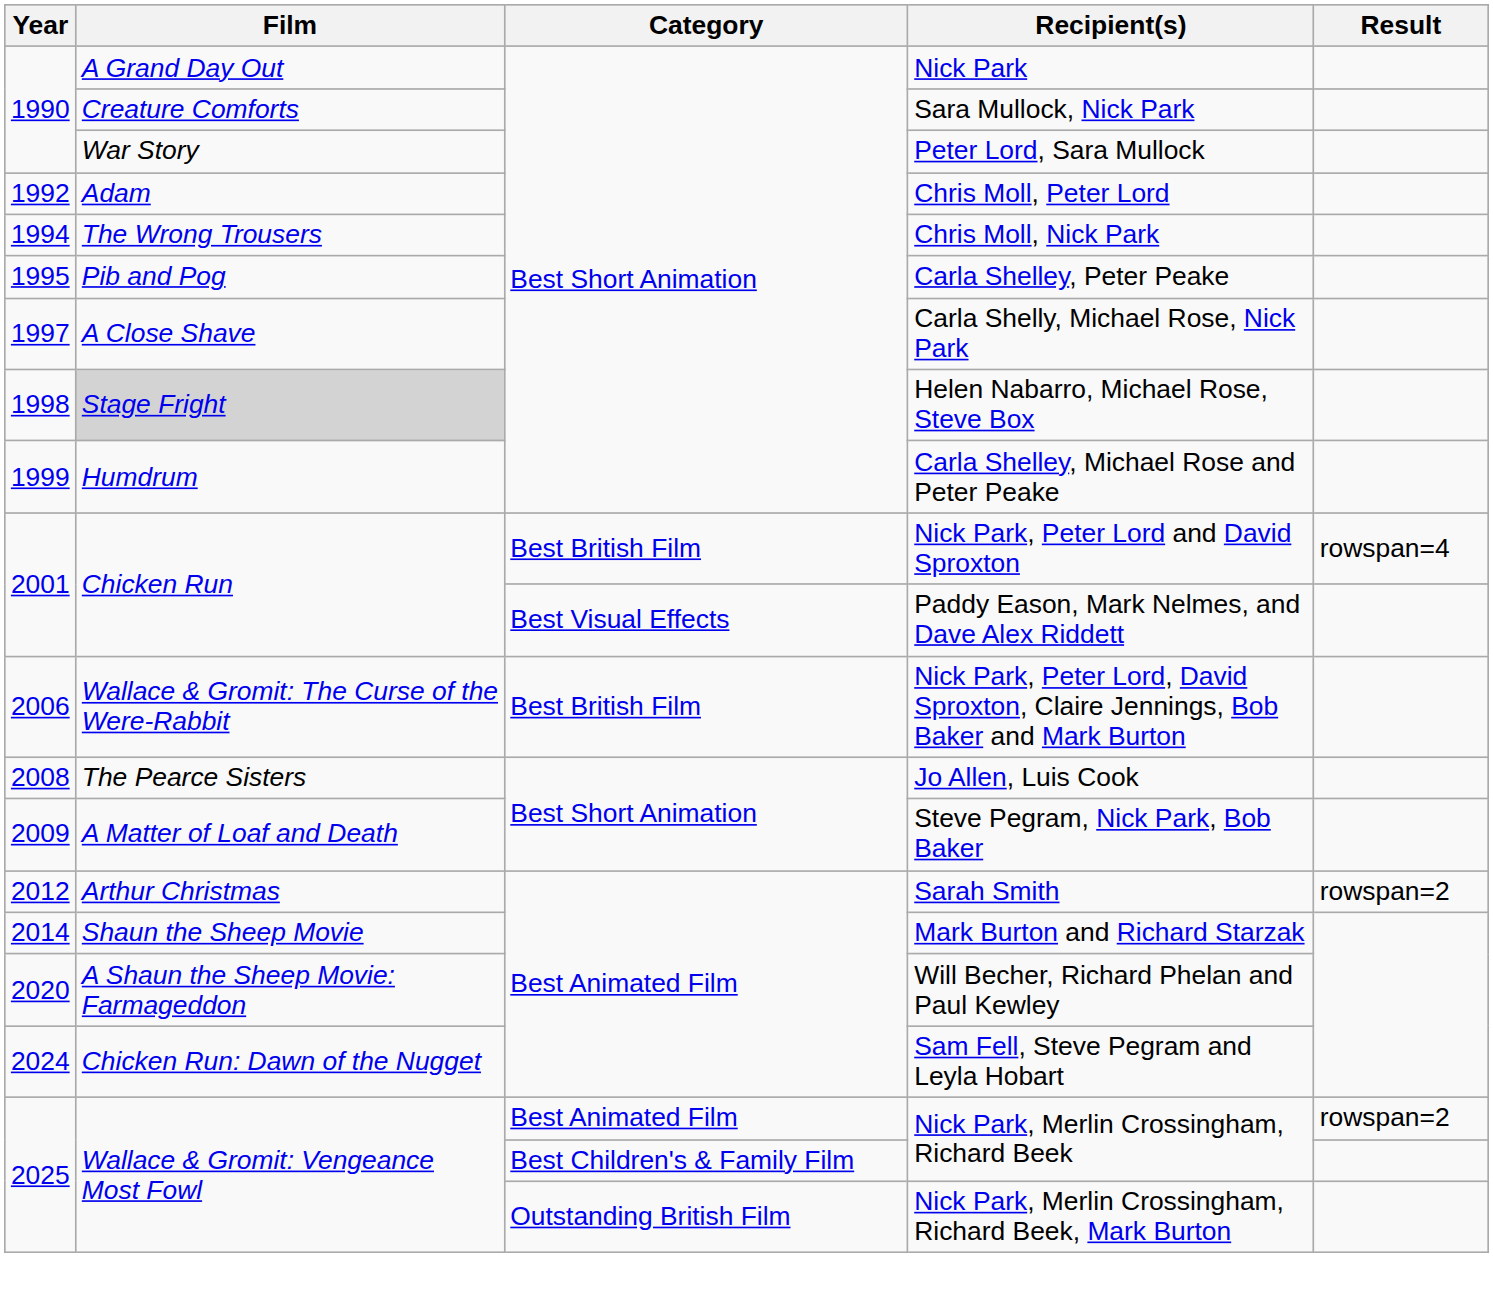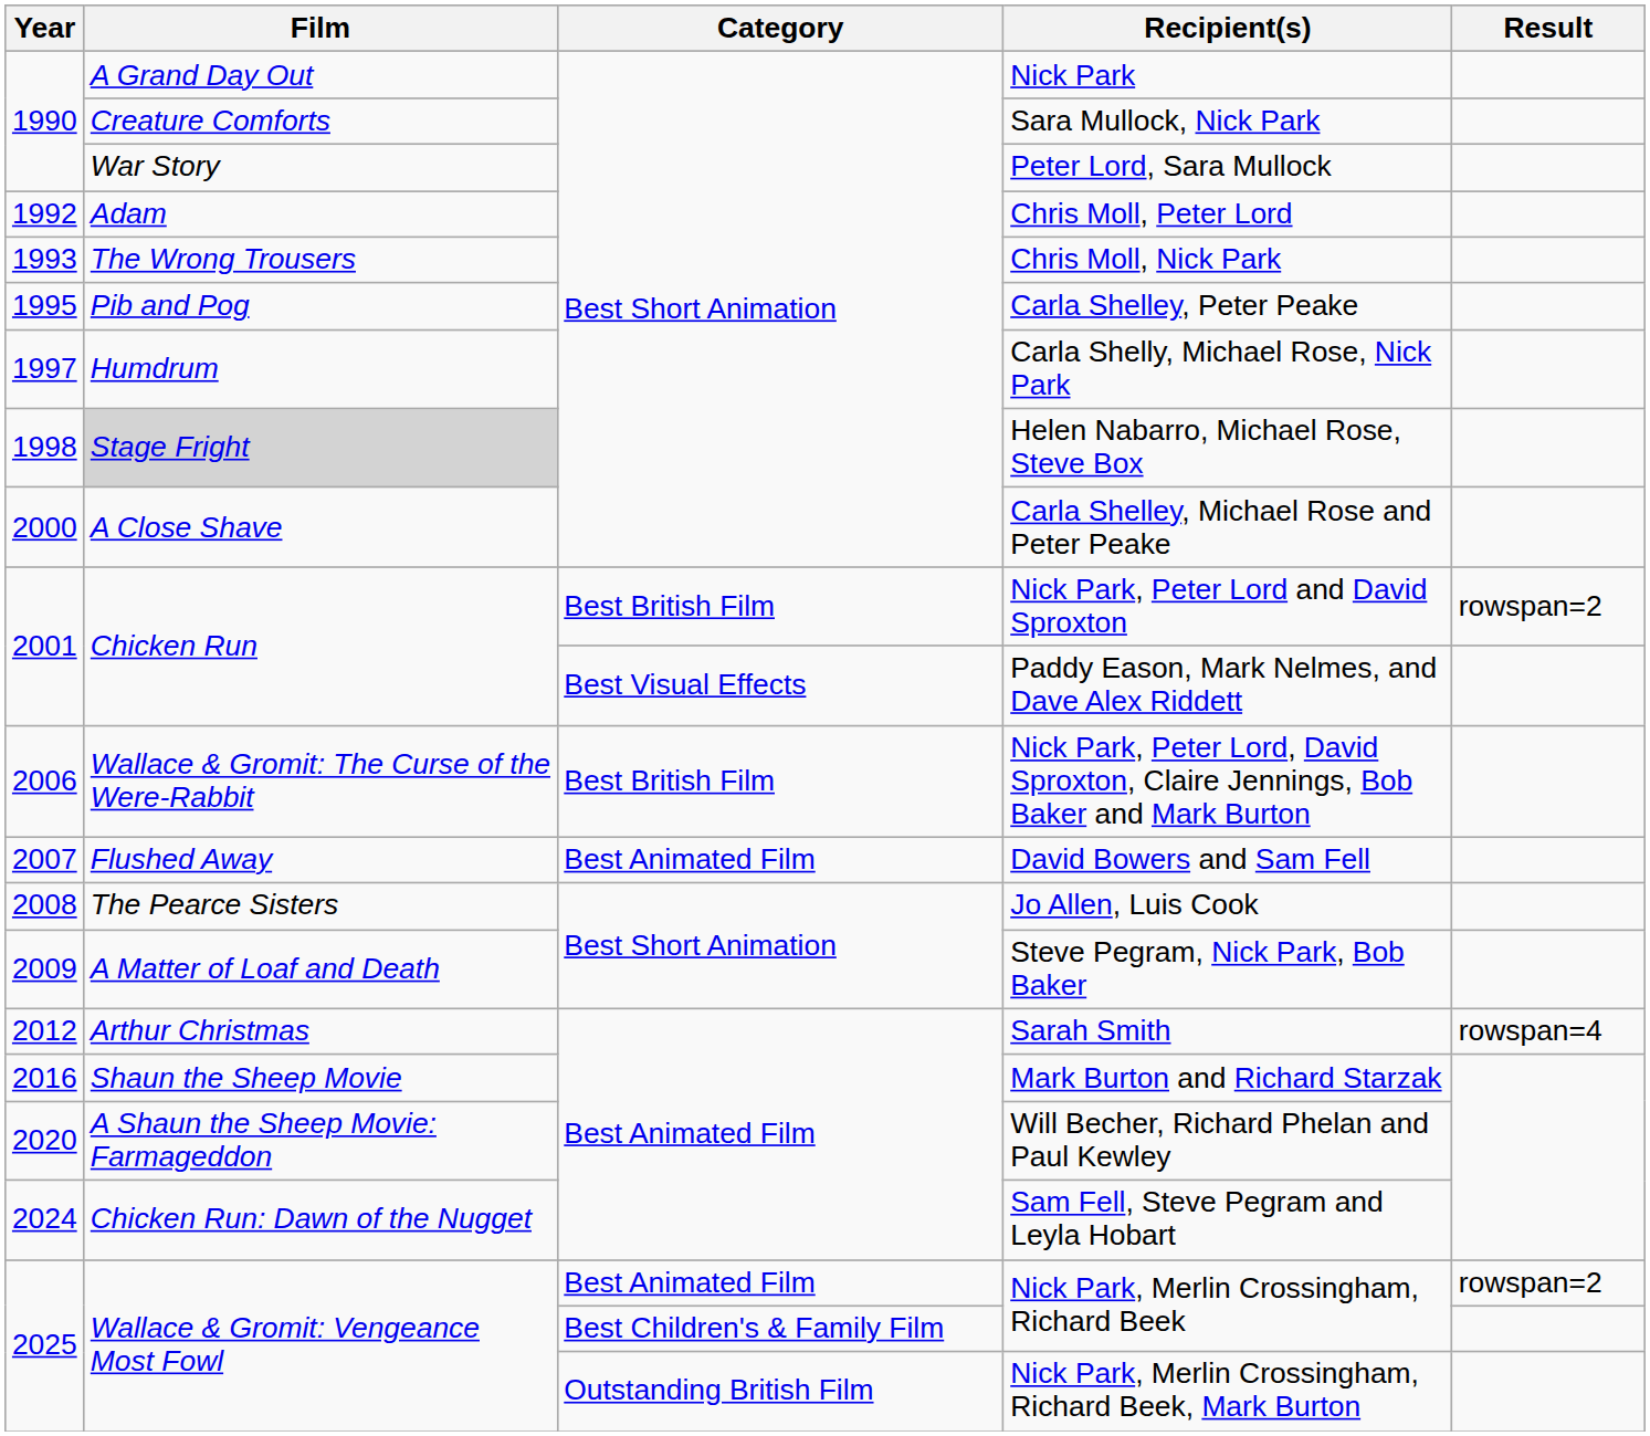 <table class="wikitable" style="max-width:900px;">
 <tr>
 <th width=35px>Year</th>
 <th width=265px>Film</th>
 <th width=250px>Category</th>
 <th width=250px>Recipient(s)</th>
 <th width=100px>Result</th>
 </tr>
 <tr>
 <td rowspan=3><a href='#'>1990</a></td>
 <td><em><a href='#'>A Grand Day Out</a></em></td>
 <td rowspan=9><a href='#'>Best Short Animation</a></td>
 <td><a href='#'>Nick Park</a></td>
 <td></td>
 </tr>
 <tr>
 <td><em><a href='#'>Creature Comforts</a></em></td>
 <td>Sara Mullock, <a href='#'>Nick Park</a></td>
 <td></td>
 </tr>
 <tr>
 <td><em>War Story</em></td>
 <td><a href='#'>Peter Lord</a>, Sara Mullock</td>
 <td></td>
 </tr>
 <tr>
 <td><a href='#'>1992</a></td>
 <td><em><a href='#'>Adam</a></em></td>
 <td><a href='#'>Chris Moll</a>, <a href='#'>Peter Lord</a></td>
 <td></td>
 </tr>
 <tr>
-<td><a href='#'>1994</a></td>
+<td><a href='#'>1993</a></td>
 <td><em><a href='#'>The Wrong Trousers</a></em></td>
 <td><a href='#'>Chris Moll</a>, <a href='#'>Nick Park</a></td>
 <td></td>
 </tr>
 <tr>
 <td><a href='#'>1995</a></td>
 <td><em><a href='#'>Pib and Pog</a></em></td>
 <td><a href='#'>Carla Shelley</a>, Peter Peake</td>
 <td></td>
 </tr>
 <tr>
 <td><a href='#'>1997</a></td>
-<td><em><a href='#'>A Close Shave</a></em></td>
+<td><em><a href='#'>Humdrum</a></em></td>
 <td>Carla Shelly, Michael Rose, <a href='#'>Nick Park</a></td>
 <td></td>
 </tr>
 <tr>
 <td><a href='#'>1998</a></td>
 <td style="background: lightgrey;"><em><a href='#'>Stage Fright</a></em></td>
 <td>Helen Nabarro, Michael Rose, <a href='#'>Steve Box</a></td>
 <td></td>
 </tr>
 <tr>
-<td><a href='#'>1999</a></td>
-<td><em><a href='#'>Humdrum</a></em></td>
+<td><a href='#'>2000</a></td>
+<td><em><a href='#'>A Close Shave</a></em></td>
 <td><a href='#'>Carla Shelley</a>, Michael Rose and Peter Peake</td>
 <td></td>
 </tr>
 <tr>
 <td rowspan=2><a href='#'>2001</a></td>
 <td rowspan=2><em><a href='#'>Chicken Run</a></em></td>
 <td><a href='#'>Best British Film</a></td>
 <td><a href='#'>Nick Park</a>, <a href='#'>Peter Lord</a> and <a href='#'>David Sproxton</a></td>
-<td>rowspan=4 </td>
+<td>rowspan=2 </td>
 </tr>
 <tr>
 <td><a href='#'>Best Visual Effects</a></td>
 <td>Paddy Eason, Mark Nelmes, and <a href='#'>Dave Alex Riddett</a></td>
 </tr>
 <tr>
 <td><a href='#'>2006</a></td>
 <td><em><a href='#'>Wallace & Gromit: The Curse of the Were-Rabbit</a></em></td>
 <td><a href='#'>Best British Film</a></td>
 <td><a href='#'>Nick Park</a>, <a href='#'>Peter Lord</a>, <a href='#'>David Sproxton</a>, Claire Jennings, <a href='#'>Bob Baker</a> and <a href='#'>Mark Burton</a></td>
+<td></td>
+</tr>
+<tr>
+<td><a href='#'>2007</a></td>
+<td><em><a href='#'>Flushed Away</a></em></td>
+<td><a href='#'>Best Animated Film</a></td>
+<td><a href='#'>David Bowers</a> and <a href='#'>Sam Fell</a></td>
 <td></td>
 </tr>
 <tr>
 <td><a href='#'>2008</a></td>
 <td><em>The Pearce Sisters</em></td>
 <td rowspan=2><a href='#'>Best Short Animation</a></td>
 <td><a href='#'>Jo Allen</a>, Luis Cook</td>
 <td></td>
 </tr>
 <tr>
 <td><a href='#'>2009</a></td>
 <td><em><a href='#'>A Matter of Loaf and Death</a></em></td>
 <td>Steve Pegram, <a href='#'>Nick Park</a>, <a href='#'>Bob Baker</a></td>
 <td></td>
 </tr>
 <tr>
 <td><a href='#'>2012</a></td>
 <td><em><a href='#'>Arthur Christmas</a></em></td>
 <td rowspan=4><a href='#'>Best Animated Film</a></td>
 <td><a href='#'>Sarah Smith</a></td>
-<td>rowspan=2 </td>
+<td>rowspan=4 </td>
 </tr>
 <tr>
-<td><a href='#'>2014</a></td>
+<td><a href='#'>2016</a></td>
 <td><em><a href='#'>Shaun the Sheep Movie</a></em></td>
 <td><a href='#'>Mark Burton</a> and <a href='#'>Richard Starzak</a></td>
 </tr>
 <tr>
 <td><a href='#'>2020</a></td>
 <td><em><a href='#'>A Shaun the Sheep Movie: Farmageddon</a></em></td>
 <td>Will Becher, Richard Phelan and Paul Kewley</td>
 </tr>
 <tr>
 <td><a href='#'>2024</a></td>
 <td><em><a href='#'>Chicken Run: Dawn of the Nugget</a></em></td>
 <td><a href='#'>Sam Fell</a>, Steve Pegram and Leyla Hobart</td>
 </tr>
 <tr>
 <td rowspan="3"><a href='#'>2025</a></td>
 <td rowspan=3><em><a href='#'>Wallace & Gromit: Vengeance Most Fowl</a></em></td>
 <td><a href='#'>Best Animated Film</a></td>
 <td rowspan="2"><a href='#'>Nick Park</a>, Merlin Crossingham, Richard Beek</td>
 <td>rowspan=2 </td>
 </tr>
 <tr>
 <td><a href='#'>Best Children's & Family Film</a></td>
 </tr>
 <tr>
 <td><a href='#'>Outstanding British Film</a></td>
 <td><a href='#'>Nick Park</a>, Merlin Crossingham, Richard Beek, <a href='#'>Mark Burton</a></td>
 <td></td>
 </tr>
 </table>
